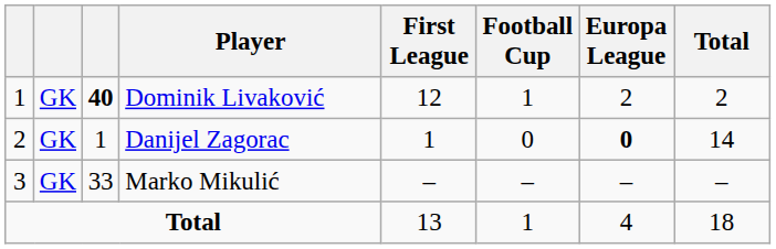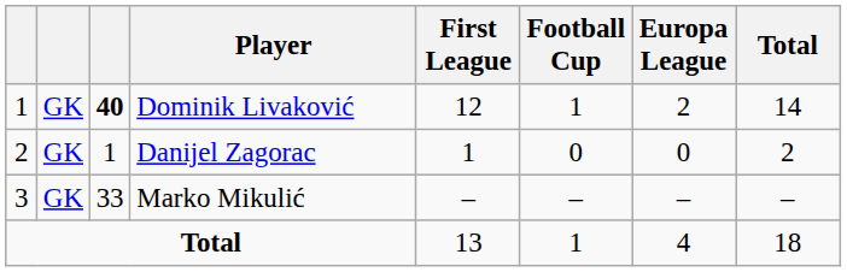 <table class="wikitable sortable" style="font-size: 95%; text-align: center">
 <tr>
 <th width=10></th>
 <th width=10></th>
 <th width=10></th>
 <th width=150>Player</th>
 <th width=50>First League</th>
 <th width=50>Football Cup</th>
 <th width=50>Europa League</th>
 <th width=50>Total</th>
 </tr>
 <tr>
 <td>1</td>
 <td><a href='#'>GK</a></td>
 <td><strong>40</strong></td>
 <td align=left> <a href='#'>Dominik Livaković</a></td>
 <td>12</td>
 <td>1</td>
 <td>2</td>
-<td>2</td>
+<td>14</td>
 </tr>
 <tr>
 <td>2</td>
 <td><a href='#'>GK</a></td>
 <td>1</td>
 <td align=left> <a href='#'>Danijel Zagorac</a></td>
 <td>1</td>
 <td>0</td>
-<td><strong>0</strong></td>
-<td>14</td>
+<td>0</td>
+<td>2</td>
 </tr>
 <tr>
 <td>3</td>
 <td><a href='#'>GK</a></td>
 <td>33</td>
 <td align=left> Marko Mikulić</td>
 <td>–</td>
 <td>–</td>
 <td>–</td>
 <td>–</td>
 </tr>
 <tr class="sortbottom">
 <td colspan="4"><strong>Total</strong></td>
 <td>13</td>
 <td>1</td>
 <td>4</td>
 <td>18</td>
 </tr>
 </table>
